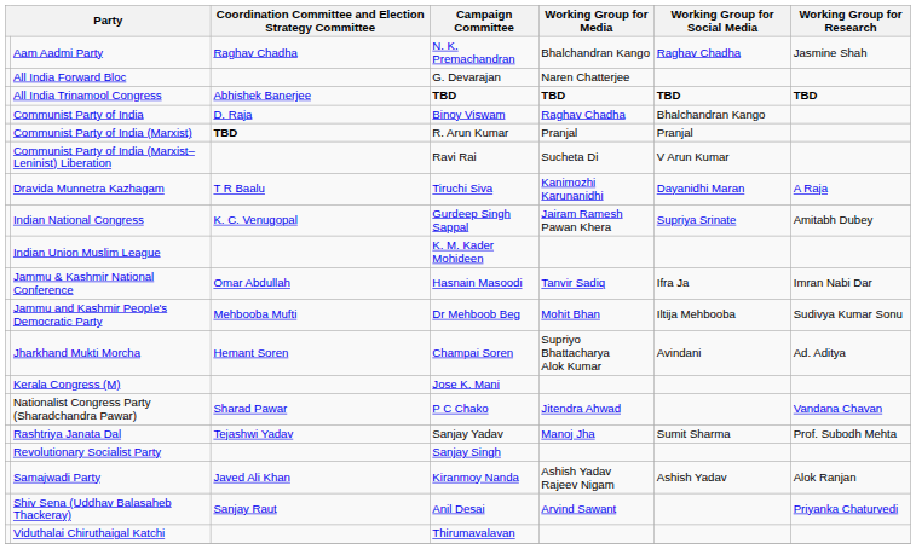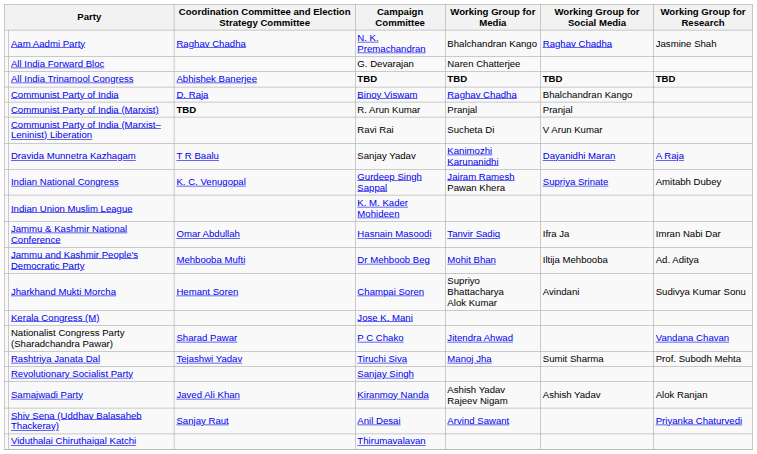 <table class="wikitable ">
 <tr>
 <th colspan="2">Party</th>
 <th>Coordination Committee and Election Strategy Committee</th>
 <th>Campaign Committee</th>
 <th>Working Group for Media</th>
 <th>Working Group for Social Media</th>
 <th>Working Group for Research</th>
 </tr>
 <tr>
 <td></td>
 <td><a href='#'>Aam Aadmi Party</a></td>
 <td><a href='#'>Raghav Chadha</a></td>
 <td><a href='#'>N. K. Premachandran</a></td>
 <td>Bhalchandran Kango</td>
 <td><a href='#'>Raghav Chadha</a></td>
 <td>Jasmine Shah</td>
 </tr>
 <tr>
 <td></td>
 <td><a href='#'>All India Forward Bloc</a></td>
 <td></td>
 <td>G. Devarajan</td>
 <td>Naren Chatterjee</td>
 <td></td>
 <td></td>
 </tr>
 <tr>
 <td></td>
 <td><a href='#'>All India Trinamool Congress</a></td>
 <td><a href='#'>Abhishek Banerjee</a></td>
 <td><strong>TBD</strong></td>
 <td><strong>TBD</strong></td>
 <td><strong>TBD</strong></td>
 <td><strong>TBD</strong></td>
 </tr>
 <tr>
 <td></td>
 <td><a href='#'>Communist Party of India</a></td>
 <td><a href='#'>D. Raja</a></td>
 <td><a href='#'>Binoy Viswam</a></td>
 <td><a href='#'>Raghav Chadha</a></td>
 <td>Bhalchandran Kango</td>
 <td></td>
 </tr>
 <tr>
 <td></td>
 <td><a href='#'>Communist Party of India (Marxist)</a></td>
 <td><strong>TBD</strong></td>
 <td>R. Arun Kumar</td>
 <td>Pranjal</td>
 <td>Pranjal</td>
 <td></td>
 </tr>
 <tr>
 <td></td>
 <td><a href='#'>Communist Party of India (Marxist–Leninist) Liberation</a></td>
 <td></td>
 <td>Ravi Rai</td>
 <td>Sucheta Di</td>
 <td>V Arun Kumar</td>
 <td></td>
 </tr>
 <tr>
 <td></td>
 <td><a href='#'>Dravida Munnetra Kazhagam</a></td>
 <td><a href='#'>T R Baalu</a></td>
-<td><a href='#'>Tiruchi Siva</a></td>
+<td>Sanjay Yadav</td>
 <td><a href='#'>Kanimozhi Karunanidhi</a></td>
 <td><a href='#'>Dayanidhi Maran</a></td>
 <td><a href='#'>A Raja</a></td>
 </tr>
 <tr>
 <td></td>
 <td><a href='#'>Indian National Congress</a></td>
 <td><a href='#'>K. C. Venugopal</a></td>
 <td><a href='#'>Gurdeep Singh Sappal</a></td>
 <td><a href='#'>Jairam Ramesh</a> <br> Pawan Khera</td>
 <td><a href='#'>Supriya Srinate</a></td>
 <td>Amitabh Dubey</td>
 </tr>
 <tr>
 <td></td>
 <td><a href='#'>Indian Union Muslim League</a></td>
 <td></td>
 <td><a href='#'>K. M. Kader Mohideen</a></td>
 <td></td>
 <td></td>
 <td></td>
 </tr>
 <tr>
 <td></td>
 <td><a href='#'>Jammu & Kashmir National Conference</a></td>
 <td><a href='#'>Omar Abdullah</a></td>
 <td><a href='#'>Hasnain Masoodi</a></td>
 <td><a href='#'>Tanvir Sadiq</a></td>
 <td>Ifra Ja</td>
 <td>Imran Nabi Dar</td>
 </tr>
 <tr>
 <td></td>
 <td><a href='#'>Jammu and Kashmir People's Democratic Party</a></td>
 <td><a href='#'>Mehbooba Mufti</a></td>
 <td><a href='#'>Dr Mehboob Beg</a></td>
 <td><a href='#'>Mohit Bhan</a></td>
 <td>Iltija Mehbooba</td>
-<td>Sudivya Kumar Sonu</td>
+<td>Ad. Aditya</td>
 </tr>
 <tr>
 <td></td>
 <td><a href='#'>Jharkhand Mukti Morcha</a></td>
 <td><a href='#'>Hemant Soren</a></td>
 <td><a href='#'>Champai Soren</a></td>
 <td>Supriyo Bhattacharya <br> Alok Kumar</td>
 <td>Avindani</td>
-<td>Ad. Aditya</td>
+<td>Sudivya Kumar Sonu</td>
 </tr>
 <tr>
 <td></td>
 <td><a href='#'>Kerala Congress (M)</a></td>
 <td></td>
 <td><a href='#'>Jose K. Mani</a></td>
 <td></td>
 <td></td>
 <td></td>
 </tr>
 <tr>
 <td></td>
 <td>Nationalist Congress Party (Sharadchandra Pawar)</td>
 <td><a href='#'>Sharad Pawar</a></td>
 <td><a href='#'>P C Chako</a></td>
 <td><a href='#'>Jitendra Ahwad</a></td>
 <td></td>
 <td><a href='#'>Vandana Chavan</a></td>
 </tr>
 <tr>
 <td></td>
 <td><a href='#'>Rashtriya Janata Dal</a></td>
 <td><a href='#'>Tejashwi Yadav</a></td>
-<td>Sanjay Yadav</td>
+<td><a href='#'>Tiruchi Siva</a></td>
 <td><a href='#'>Manoj Jha</a></td>
 <td>Sumit Sharma</td>
 <td>Prof. Subodh Mehta</td>
 </tr>
 <tr>
 <td></td>
 <td><a href='#'>Revolutionary Socialist Party</a></td>
 <td></td>
 <td><a href='#'>Sanjay Singh</a></td>
 <td></td>
 <td></td>
 <td></td>
 </tr>
 <tr>
 <td></td>
 <td><a href='#'>Samajwadi Party</a></td>
 <td><a href='#'>Javed Ali Khan</a></td>
 <td><a href='#'>Kiranmoy Nanda</a></td>
 <td>Ashish Yadav <br> Rajeev Nigam</td>
 <td>Ashish Yadav</td>
 <td>Alok Ranjan</td>
 </tr>
 <tr>
 <td></td>
 <td><a href='#'>Shiv Sena (Uddhav Balasaheb Thackeray)</a></td>
 <td><a href='#'>Sanjay Raut</a></td>
 <td><a href='#'>Anil Desai</a></td>
 <td><a href='#'>Arvind Sawant</a></td>
 <td></td>
 <td><a href='#'>Priyanka Chaturvedi</a></td>
 </tr>
 <tr>
 <td></td>
 <td><a href='#'>Viduthalai Chiruthaigal Katchi</a></td>
 <td></td>
 <td><a href='#'>Thirumavalavan</a></td>
 <td></td>
 <td></td>
 <td></td>
 </tr>
 <tr>
 </tr>
 </table>
